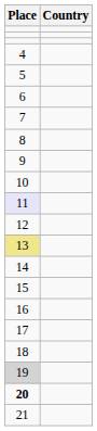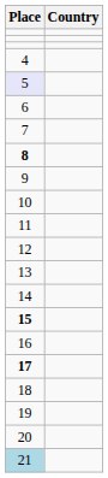 <table class="wikitable" style="font-size:95%;">
 <tr>
 <th>Place</th>
 <th>Country</th>
 </tr>
 <tr>
 <td align=center></td>
 <td></td>
 </tr>
 <tr>
 <td align=center></td>
 <td></td>
 </tr>
 <tr>
 <td align=center></td>
 <td></td>
 </tr>
 <tr>
 <td align=center>4</td>
 <td></td>
 </tr>
 <tr>
-<td align=center>5</td>
+<td align=center style="background: lavender;">5</td>
 <td></td>
 </tr>
 <tr>
 <td align=center>6</td>
 <td></td>
 </tr>
 <tr>
 <td align=center>7</td>
 <td></td>
 </tr>
 <tr>
-<td align=center>8</td>
+<td align=center><strong>8</strong></td>
 <td></td>
 </tr>
 <tr>
 <td align=center>9</td>
 <td></td>
 </tr>
 <tr>
 <td align=center>10</td>
 <td></td>
 </tr>
 <tr>
-<td align=center style="background: lavender;">11</td>
+<td align=center>11</td>
 <td></td>
 </tr>
 <tr>
 <td align=center>12</td>
 <td></td>
 </tr>
 <tr>
-<td align=center style="background: khaki;">13</td>
+<td align=center>13</td>
 <td></td>
 </tr>
 <tr>
 <td align=center>14</td>
 <td></td>
 </tr>
 <tr>
-<td align=center>15</td>
+<td align=center><strong>15</strong></td>
 <td></td>
 </tr>
 <tr>
 <td align=center>16</td>
 <td></td>
 </tr>
 <tr>
-<td align=center>17</td>
+<td align=center><strong>17</strong></td>
 <td></td>
 </tr>
 <tr>
 <td align=center>18</td>
 <td></td>
 </tr>
 <tr>
-<td align=center style="background: lightgrey;">19</td>
+<td align=center>19</td>
 <td></td>
 </tr>
 <tr>
-<td align=center><strong>20</strong></td>
+<td align=center>20</td>
 <td></td>
 </tr>
 <tr>
-<td align=center>21</td>
+<td align=center style="background: lightblue;">21</td>
 <td></td>
 </tr>
 </table>
